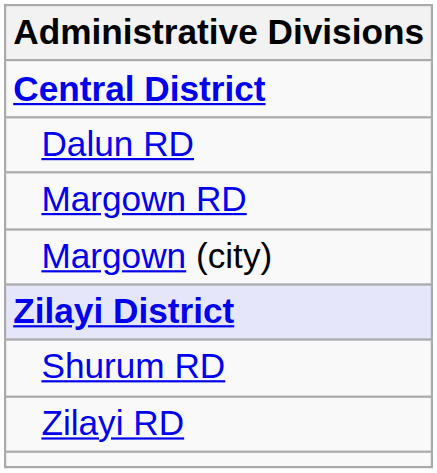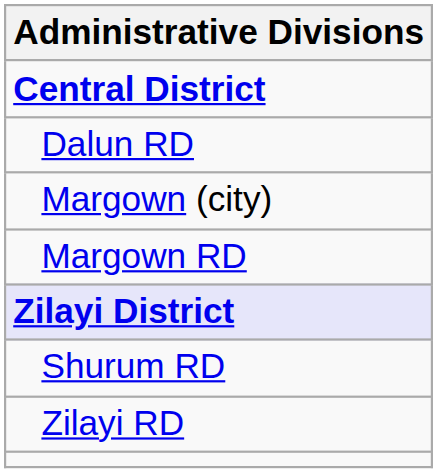 <table class="wikitable">
 <tr>
 <th>Administrative Divisions</th>
 </tr>
 <tr>
 <td><strong><a href='#'>Central District</a></strong></td>
 </tr>
 <tr>
 <td style="padding-left: 1em;"><a href='#'>Dalun RD</a></td>
 </tr>
 <tr>
-<td style="padding-left: 1em;"><a href='#'>Margown RD</a></td>
+<td style="padding-left: 1em;"><a href='#'>Margown</a> (city)</td>
 </tr>
 <tr>
-<td style="padding-left: 1em;"><a href='#'>Margown</a> (city)</td>
+<td style="padding-left: 1em;"><a href='#'>Margown RD</a></td>
 </tr>
 <tr>
 <td style="background: lavender;"><strong><a href='#'>Zilayi District</a></strong></td>
 </tr>
 <tr>
 <td style="padding-left: 1em;"><a href='#'>Shurum RD</a></td>
 </tr>
 <tr>
 <td style="padding-left: 1em;"><a href='#'>Zilayi RD</a></td>
 </tr>
 <tr>
 <td colspan=1></td>
 </tr>
 </table>
